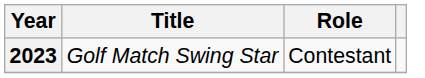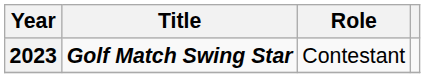 <table class="wikitable sortable plainrowheaders">
 <tr>
 <th scope="col">Year</th>
 <th scope="col">Title</th>
 <th scope="col">Role</th>
 <th scope="col" class="unsortable"></th>
 </tr>
 <tr>
 <th scope="row">2023</th>
-<td><em>Golf Match Swing Star</em></td>
+<td><strong><em>Golf Match Swing Star</em></strong></td>
 <td>Contestant</td>
 <td></td>
 </tr>
 <tr>
 </tr>
 </table>
